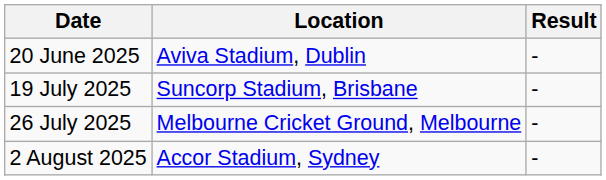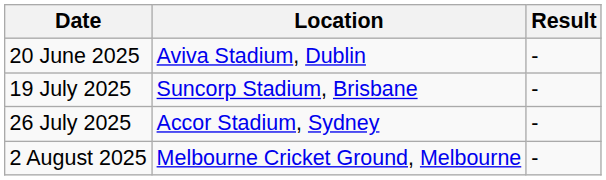 <table class="wikitable" style="align:center;">
 <tr>
 <th>Date</th>
 <th>Location</th>
 <th>Result</th>
 </tr>
 <tr>
 <td>20 June 2025</td>
 <td><a href='#'>Aviva Stadium</a>, <a href='#'>Dublin</a></td>
 <td> - </td>
 </tr>
 <tr>
 <td>19 July 2025</td>
 <td><a href='#'>Suncorp Stadium</a>, <a href='#'>Brisbane</a></td>
 <td> - </td>
 </tr>
 <tr>
 <td>26 July 2025</td>
-<td><a href='#'>Melbourne Cricket Ground</a>, <a href='#'>Melbourne</a></td>
+<td><a href='#'>Accor Stadium</a>, <a href='#'>Sydney</a></td>
 <td> - </td>
 </tr>
 <tr>
 <td>2 August 2025</td>
-<td><a href='#'>Accor Stadium</a>, <a href='#'>Sydney</a></td>
+<td><a href='#'>Melbourne Cricket Ground</a>, <a href='#'>Melbourne</a></td>
 <td> - </td>
 </tr>
 </table>
